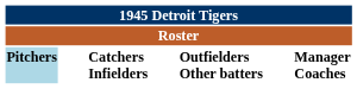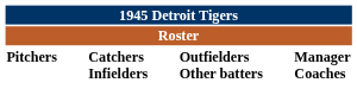 <table class="toccolours" style="font-size: 95%;">
 <tr>
 <th colspan="10" style="background:#036; color:white; text-align:center;">1945 Detroit Tigers</th>
 </tr>
 <tr>
 <td colspan="10" style="background:#bd5d29; color:white; text-align:center;"><strong>Roster</strong></td>
 </tr>
 <tr>
-<td valign="top" style="background: lightblue;"><strong>Pitchers</strong><br>               </td>
+<td valign="top"><strong>Pitchers</strong><br>               </td>
 <td style="width:25px;"></td>
 <td valign="top"><strong>Catchers</strong><br>    <strong>Infielders</strong>        </td>
 <td style="width:25px;"></td>
 <td valign="top"><strong>Outfielders</strong><br>       <strong>Other batters</strong>  </td>
 <td style="width:25px;"></td>
 <td valign="top"><strong>Manager</strong><br> <strong>Coaches</strong> </td>
 </tr>
 </table>
